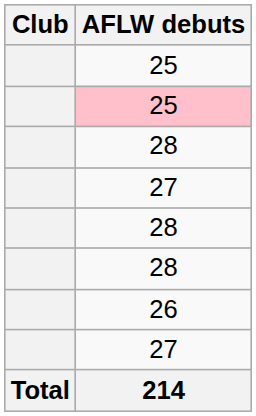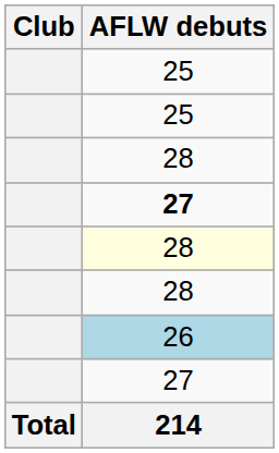 <table class="wikitable plainrowheaders sortable" style="text-align:center;">
 <tr>
 <th scope="col">Club</th>
 <th scope="col">AFLW debuts</th>
 </tr>
 <tr>
 <th scope="row"></th>
 <td>25</td>
 </tr>
 <tr>
 <th scope="row"></th>
-<td style="background: pink;">25</td>
+<td>25</td>
 </tr>
 <tr>
 <th scope="row"></th>
 <td>28</td>
 </tr>
 <tr>
 <th scope="row"></th>
-<td>27</td>
+<td><strong>27</strong></td>
+</tr>
+<tr>
+<th scope="row"></th>
+<td style="background: lightyellow;">28</td>
 </tr>
 <tr>
 <th scope="row"></th>
 <td>28</td>
 </tr>
 <tr>
 <th scope="row"></th>
-<td>28</td>
-</tr>
-<tr>
-<th scope="row"></th>
-<td>26</td>
+<td style="background: lightblue;">26</td>
 </tr>
 <tr>
 <th scope="row"></th>
 <td>27</td>
 </tr>
 <tr class="sortbottom">
 <th>Total</th>
 <th>214</th>
 </tr>
 </table>
